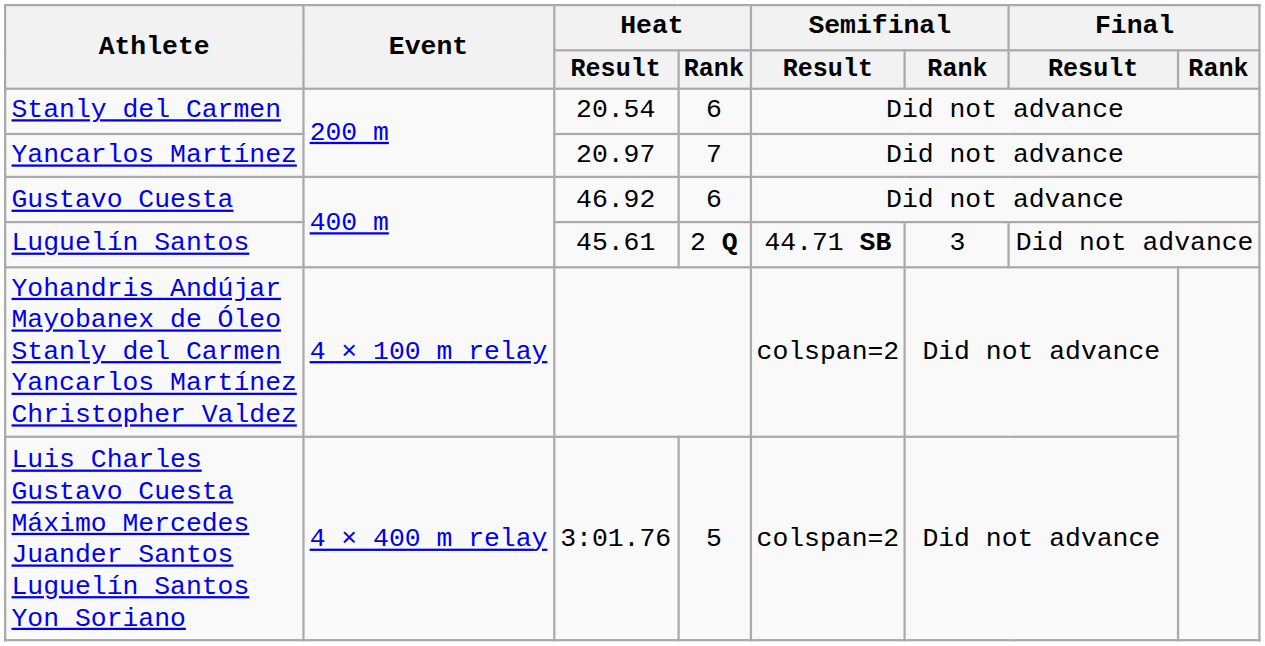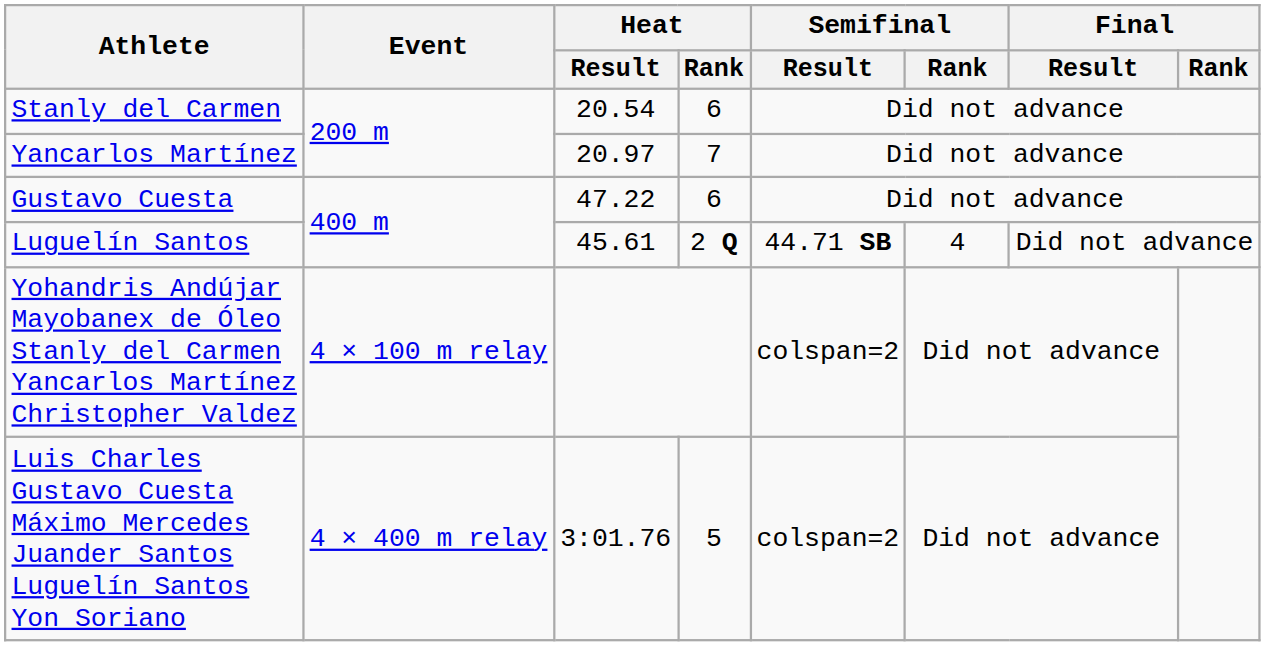 <table class="wikitable" style="font-size:90%">
 <tr>
 <th rowspan="2">Athlete</th>
 <th rowspan="2">Event</th>
 <th colspan="2">Heat</th>
 <th colspan="2">Semifinal</th>
 <th colspan="2">Final</th>
 </tr>
 <tr style="font-size:95%">
 <th>Result</th>
 <th>Rank</th>
 <th>Result</th>
 <th>Rank</th>
 <th>Result</th>
 <th>Rank</th>
 </tr>
 <tr align=center>
 <td align=left><a href='#'>Stanly del Carmen</a></td>
 <td align=left rowspan=2><a href='#'>200 m</a></td>
 <td>20.54</td>
 <td>6</td>
 <td colspan=4>Did not advance</td>
 </tr>
 <tr align=center>
 <td align=left><a href='#'>Yancarlos Martínez</a></td>
 <td>20.97</td>
 <td>7</td>
 <td colspan=4>Did not advance</td>
 </tr>
 <tr align=center>
 <td align=left><a href='#'>Gustavo Cuesta</a></td>
 <td align=left rowspan=2><a href='#'>400 m</a></td>
-<td>46.92</td>
+<td>47.22</td>
 <td>6</td>
 <td colspan=4>Did not advance</td>
 </tr>
 <tr align=center>
 <td align=left><a href='#'>Luguelín Santos</a></td>
 <td>45.61</td>
 <td>2 <strong>Q</strong></td>
 <td>44.71 <strong>SB</strong></td>
-<td>3</td>
+<td>4</td>
 <td colspan=2>Did not advance</td>
 </tr>
 <tr align=center>
 <td align=left><a href='#'>Yohandris Andújar</a><br><a href='#'>Mayobanex de Óleo</a><br><a href='#'>Stanly del Carmen</a><br><a href='#'>Yancarlos Martínez</a><br><a href='#'>Christopher Valdez</a></td>
 <td align=left><a href='#'>4 × 100 m relay</a></td>
 <td colspan=2></td>
 <td>colspan=2 </td>
 <td colspan=2>Did not advance</td>
 </tr>
 <tr align=center>
 <td align=left><a href='#'>Luis Charles</a><br><a href='#'>Gustavo Cuesta</a><br><a href='#'>Máximo Mercedes</a><br><a href='#'>Juander Santos</a><br><a href='#'>Luguelín Santos</a><br><a href='#'>Yon Soriano</a></td>
 <td align=left><a href='#'>4 × 400 m relay</a></td>
 <td>3:01.76</td>
 <td>5</td>
 <td>colspan=2 </td>
 <td colspan=2>Did not advance</td>
 </tr>
 </table>
